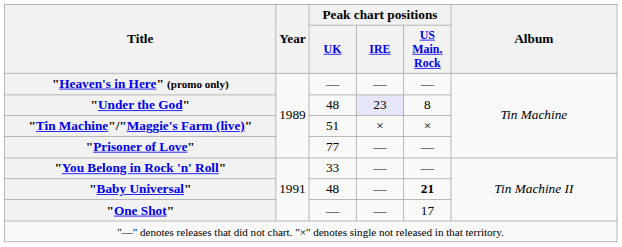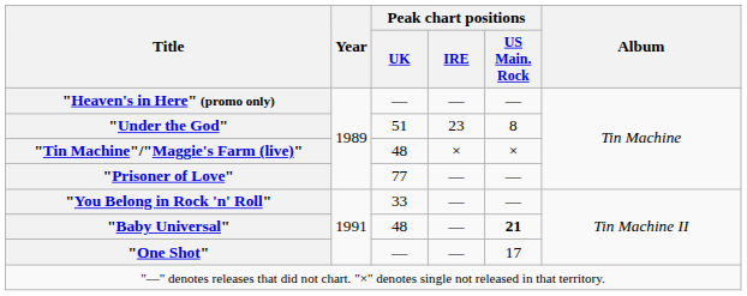 <table class="wikitable plainrowheaders" style="text-align:center;">
 <tr>
 <th rowspan="2" scope="col" style="width:20em;">Title</th>
 <th rowspan="2" scope="col" style="width:1em;">Year</th>
 <th colspan="3" scope="col">Peak chart positions</th>
 <th rowspan="2" scope="col" style="width:12em;">Album</th>
 </tr>
 <tr>
 <th style="width:3.5em;font-size:90%"><a href='#'>UK</a><br></th>
 <th style="width:3.5em;font-size:90%"><a href='#'>IRE</a><br></th>
 <th style="width:3.5em;font-size:90%"><a href='#'>US Main.<br>Rock</a><br></th>
 </tr>
 <tr style="text-align:center;">
 <th scope="row">"<a href='#'>Heaven's in Here</a>" <small>(promo only)</small></th>
 <td rowspan="4">1989</td>
 <td>—</td>
 <td>—</td>
 <td>—</td>
 <td rowspan="4"><em>Tin Machine</em></td>
 </tr>
 <tr style="text-align:center;">
 <th scope="row">"<a href='#'>Under the God</a>"</th>
-<td>48</td>
-<td style="background: lavender;">23</td>
+<td>51</td>
+<td>23</td>
 <td>8</td>
 </tr>
 <tr style="text-align:center;">
 <th scope="row">"<a href='#'>Tin Machine</a>"/"<a href='#'>Maggie's Farm (live)</a>"</th>
-<td>51</td>
+<td>48</td>
 <td>×</td>
 <td>×</td>
 </tr>
 <tr style="text-align:center;">
 <th scope="row">"<a href='#'>Prisoner of Love</a>"</th>
 <td>77</td>
 <td>—</td>
 <td>—</td>
 </tr>
 <tr style="text-align:center;">
 <th scope="row">"<a href='#'>You Belong in Rock 'n' Roll</a>"</th>
 <td rowspan="3">1991</td>
 <td>33</td>
 <td>—</td>
 <td>—</td>
 <td rowspan="3"><em>Tin Machine II</em></td>
 </tr>
 <tr style="text-align:center;">
 <th scope="row">"<a href='#'>Baby Universal</a>"</th>
 <td>48</td>
 <td>—</td>
 <td><strong>21</strong></td>
 </tr>
 <tr style="text-align:center;">
 <th scope="row">"<a href='#'>One Shot</a>"</th>
 <td>—</td>
 <td>—</td>
 <td>17</td>
 </tr>
 <tr>
 <td colspan="6"><small>"—" denotes releases that did not chart. "×" denotes single not released in that territory.</small></td>
 </tr>
 </table>
